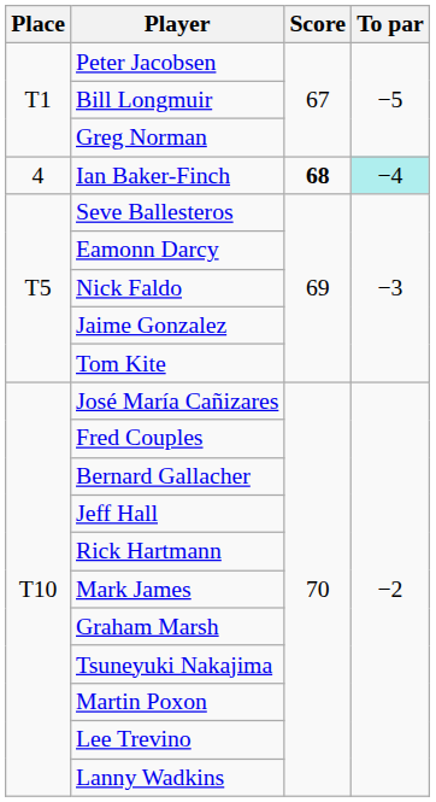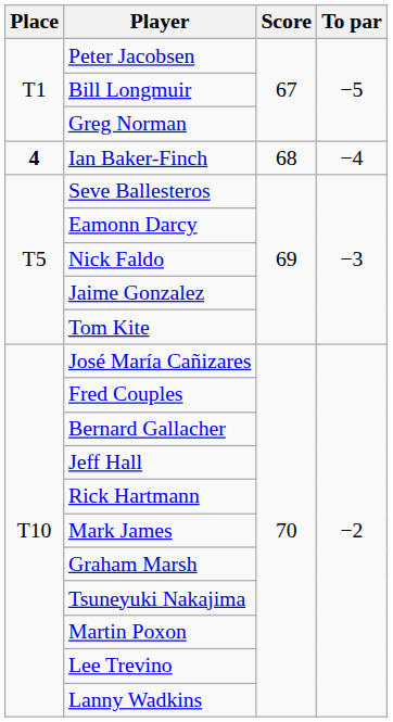 <table class="wikitable">
 <tr>
 <th>Place</th>
 <th>Player</th>
 <th>Score</th>
 <th>To par</th>
 </tr>
 <tr>
 <td rowspan="3" align=center>T1</td>
 <td> <a href='#'>Peter Jacobsen</a></td>
 <td rowspan="3" align=center>67</td>
 <td rowspan="3" align=center>−5</td>
 </tr>
 <tr>
 <td> <a href='#'>Bill Longmuir</a></td>
 </tr>
 <tr>
 <td> <a href='#'>Greg Norman</a></td>
 </tr>
 <tr>
-<td align=center>4</td>
+<td align=center><strong>4</strong></td>
 <td> <a href='#'>Ian Baker-Finch</a></td>
-<td align=center><strong>68</strong></td>
-<td align=center style="background: paleturquoise;">−4</td>
+<td align=center>68</td>
+<td align=center>−4</td>
 </tr>
 <tr>
 <td rowspan="5" align=center>T5</td>
 <td> <a href='#'>Seve Ballesteros</a></td>
 <td rowspan="5" align=center>69</td>
 <td rowspan="5" align=center>−3</td>
 </tr>
 <tr>
 <td> <a href='#'>Eamonn Darcy</a></td>
 </tr>
 <tr>
 <td> <a href='#'>Nick Faldo</a></td>
 </tr>
 <tr>
 <td> <a href='#'>Jaime Gonzalez</a></td>
 </tr>
 <tr>
 <td> <a href='#'>Tom Kite</a></td>
 </tr>
 <tr>
 <td rowspan="11" align=center>T10</td>
 <td> <a href='#'>José María Cañizares</a></td>
 <td rowspan="11" align=center>70</td>
 <td rowspan="11" align=center>−2</td>
 </tr>
 <tr>
 <td> <a href='#'>Fred Couples</a></td>
 </tr>
 <tr>
 <td> <a href='#'>Bernard Gallacher</a></td>
 </tr>
 <tr>
 <td> <a href='#'>Jeff Hall</a></td>
 </tr>
 <tr>
 <td> <a href='#'>Rick Hartmann</a></td>
 </tr>
 <tr>
 <td> <a href='#'>Mark James</a></td>
 </tr>
 <tr>
 <td> <a href='#'>Graham Marsh</a></td>
 </tr>
 <tr>
 <td> <a href='#'>Tsuneyuki Nakajima</a></td>
 </tr>
 <tr>
 <td> <a href='#'>Martin Poxon</a></td>
 </tr>
 <tr>
 <td> <a href='#'>Lee Trevino</a></td>
 </tr>
 <tr>
 <td> <a href='#'>Lanny Wadkins</a></td>
 </tr>
 </table>
